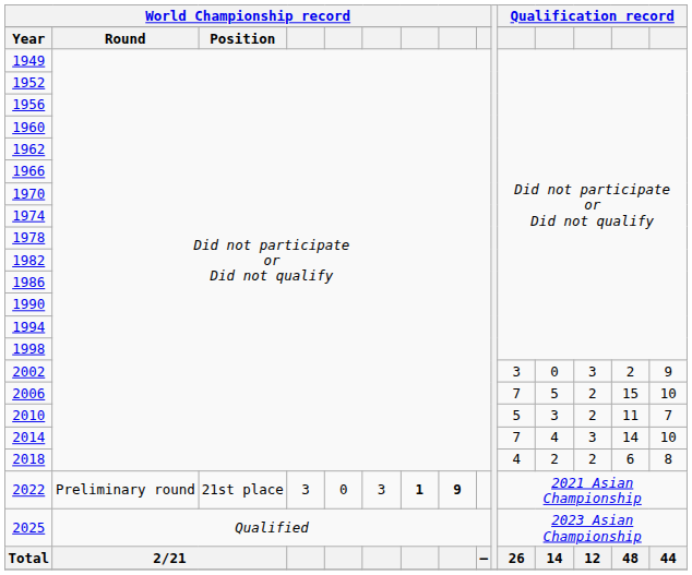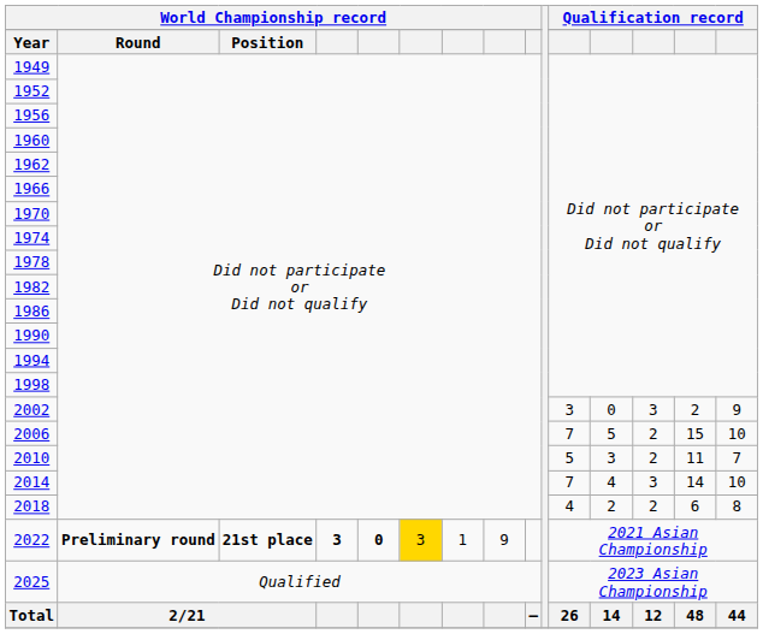 <table class="wikitable" style="text-align: center;">
 <tr>
 <th colspan=9><a href='#'>World Championship record</a></th>
 <th rowspan=25></th>
 <th colspan=5><a href='#'>Qualification record</a></th>
 </tr>
 <tr>
 </tr>
 <tr>
 <th>Year</th>
 <th>Round</th>
 <th>Position</th>
 <th width=30></th>
 <th width=30></th>
 <th width=30></th>
 <th width=30></th>
 <th width=30></th>
 <th></th>
 <th width=30></th>
 <th width=30></th>
 <th width=30></th>
 <th width=30></th>
 <th width=30></th>
 </tr>
 <tr>
 <td> <a href='#'>1949</a></td>
 <td rowspan=19 colspan=8><em>Did not participate<br>or<br>Did not qualify</em></td>
 <td rowspan=14 colspan=5><em>Did not participate<br>or<br>Did not qualify</em></td>
 </tr>
 <tr>
 <td> <a href='#'>1952</a></td>
 </tr>
 <tr>
 <td> <a href='#'>1956</a></td>
 </tr>
 <tr>
 <td> <a href='#'>1960</a></td>
 </tr>
 <tr>
 <td> <a href='#'>1962</a></td>
 </tr>
 <tr>
 <td> <a href='#'>1966</a></td>
 </tr>
 <tr>
 <td> <a href='#'>1970</a></td>
 </tr>
 <tr>
 <td> <a href='#'>1974</a></td>
 </tr>
 <tr>
 <td> <a href='#'>1978</a></td>
 </tr>
 <tr>
 <td> <a href='#'>1982</a></td>
 </tr>
 <tr>
 <td> <a href='#'>1986</a></td>
 </tr>
 <tr>
 <td> <a href='#'>1990</a></td>
 </tr>
 <tr>
 <td> <a href='#'>1994</a></td>
 </tr>
 <tr>
 <td> <a href='#'>1998</a></td>
 </tr>
 <tr>
 <td> <a href='#'>2002</a></td>
 <td>3</td>
 <td>0</td>
 <td>3</td>
 <td>2</td>
 <td>9</td>
 </tr>
 <tr>
 <td> <a href='#'>2006</a></td>
 <td>7</td>
 <td>5</td>
 <td>2</td>
 <td>15</td>
 <td>10</td>
 </tr>
 <tr>
 <td> <a href='#'>2010</a></td>
 <td>5</td>
 <td>3</td>
 <td>2</td>
 <td>11</td>
 <td>7</td>
 </tr>
 <tr>
 <td> <a href='#'>2014</a></td>
 <td>7</td>
 <td>4</td>
 <td>3</td>
 <td>14</td>
 <td>10</td>
 </tr>
 <tr>
 <td>  <a href='#'>2018</a></td>
 <td>4</td>
 <td>2</td>
 <td>2</td>
 <td>6</td>
 <td>8</td>
 </tr>
 <tr>
 <td>  <a href='#'>2022</a></td>
-<td>Preliminary round</td>
-<td>21st place</td>
-<td>3</td>
-<td>0</td>
-<td>3</td>
-<td><strong>1</strong></td>
-<td><strong>9</strong></td>
+<td><strong>Preliminary round</strong></td>
+<td><strong>21st place</strong></td>
+<td><strong>3</strong></td>
+<td><strong>0</strong></td>
+<td style="background: gold;">3</td>
+<td>1</td>
+<td>9</td>
 <td></td>
 <td colspan=5><em><a href='#'>2021 Asian Championship</a></em></td>
 </tr>
 <tr>
 <td> <a href='#'>2025</a></td>
 <td colspan=8><em>Qualified</em></td>
 <td colspan=5><em><a href='#'>2023 Asian Championship</a></em></td>
 </tr>
 <tr>
 <th>Total</th>
 <th colspan=2>2/21</th>
 <th></th>
 <th></th>
 <th></th>
 <th></th>
 <th></th>
 <th>—</th>
 <th>26</th>
 <th>14</th>
 <th>12</th>
 <th>48</th>
 <th>44</th>
 </tr>
 <tr>
 </tr>
 </table>
